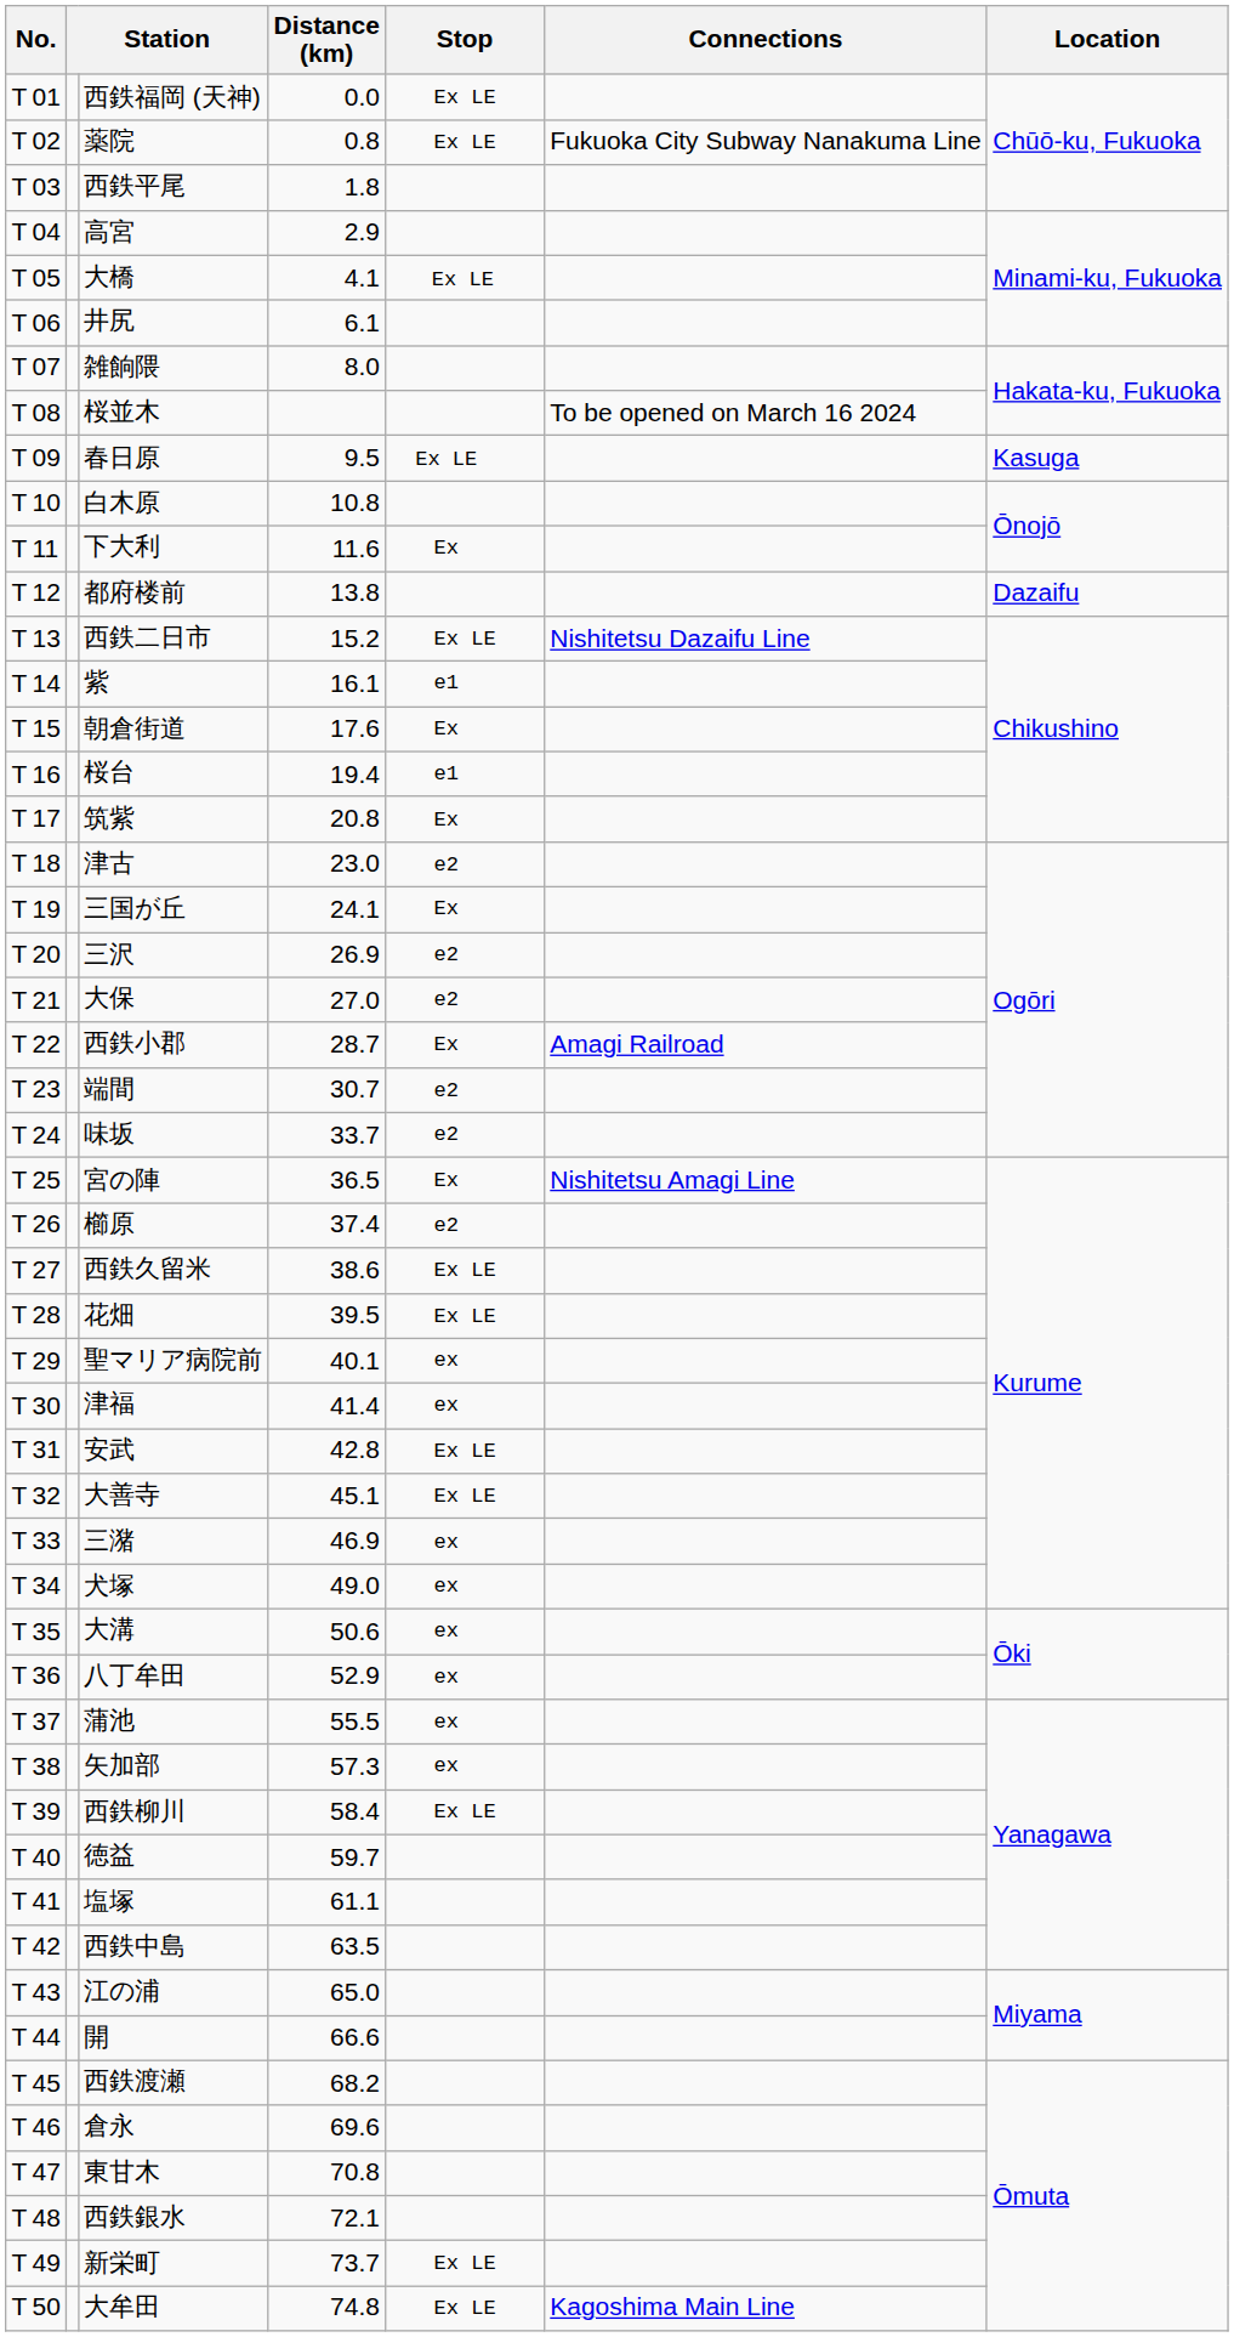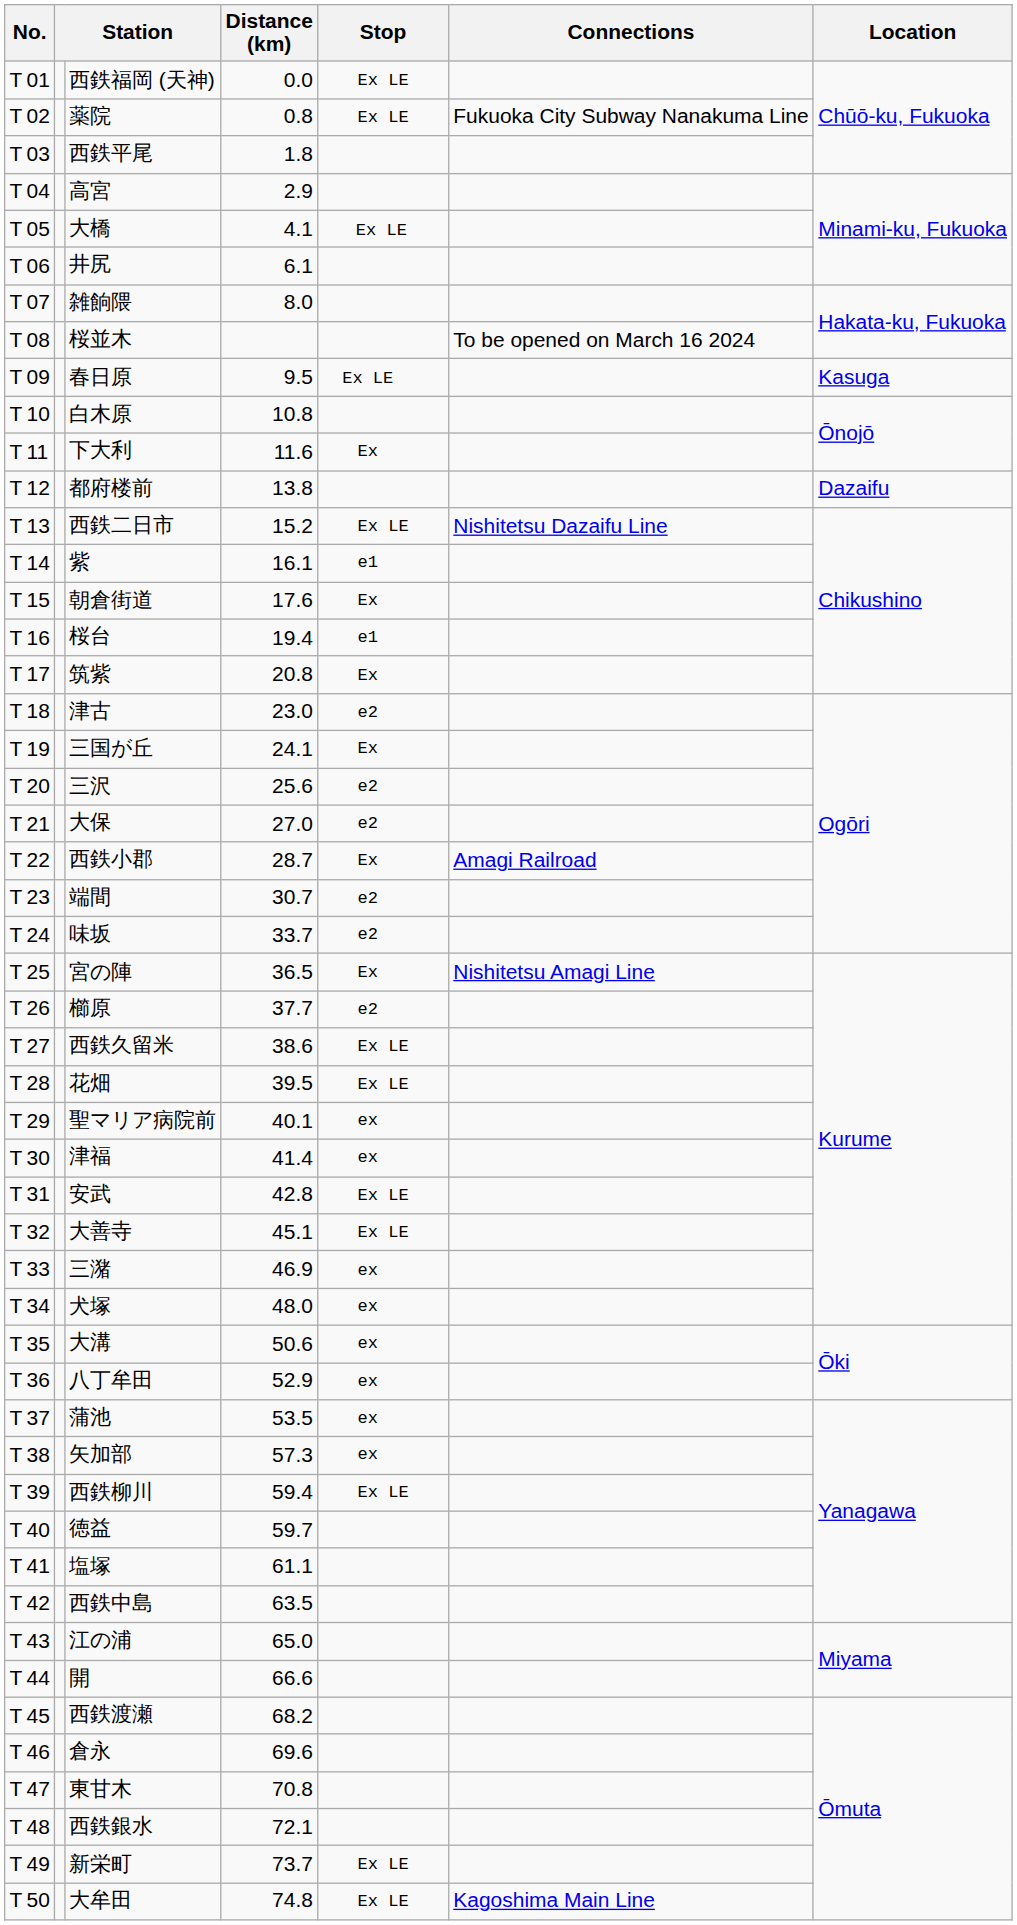 <table class="wikitable">
 <tr>
 <th>No.</th>
 <th colspan="2">Station</th>
 <th>Distance<br>(km)</th>
 <th>Stop</th>
 <th>Connections</th>
 <th>Location</th>
 </tr>
 <tr>
 <td><span>T <span>01</span></span></td>
 <td></td>
 <td>西鉄福岡 (天神)</td>
 <td style="text-align: right">0.0</td>
 <td style="text-align: center; font-family: monospace; white-space: nowrap;">Ex LE</td>
 <td></td>
 <td rowspan="3"><a href='#'>Chūō-ku, Fukuoka</a></td>
 </tr>
 <tr>
 <td><span>T <span>02</span></span></td>
 <td></td>
 <td>薬院</td>
 <td style="text-align: right">0.8</td>
 <td style="text-align: center; font-family: monospace; white-space: nowrap;">Ex LE</td>
 <td>Fukuoka City Subway Nanakuma Line</td>
 </tr>
 <tr>
 <td><span>T <span>03</span></span></td>
 <td></td>
 <td>西鉄平尾</td>
 <td style="text-align: right">1.8</td>
 <td> </td>
 <td> </td>
 </tr>
 <tr>
 <td><span>T <span>04</span></span></td>
 <td></td>
 <td>高宮</td>
 <td style="text-align: right">2.9</td>
 <td> </td>
 <td> </td>
 <td rowspan="3"><a href='#'>Minami-ku, Fukuoka</a></td>
 </tr>
 <tr>
 <td><span>T <span>05</span></span></td>
 <td></td>
 <td>大橋</td>
 <td style="text-align: right">4.1</td>
 <td style="text-align: center; font-family: monospace; white-space: nowrap;">　　Ex LE　  </td>
 <td> </td>
 </tr>
 <tr>
 <td><span>T <span>06</span></span></td>
 <td></td>
 <td>井尻</td>
 <td style="text-align: right">6.1</td>
 <td> </td>
 <td> </td>
 </tr>
 <tr>
 <td><span>T <span>07</span></span></td>
 <td></td>
 <td>雑餉隈</td>
 <td style="text-align: right">8.0</td>
 <td> </td>
 <td> </td>
 <td rowspan="2"><a href='#'>Hakata-ku, Fukuoka</a></td>
 </tr>
 <tr>
 <td><span>T <span>08</span></span></td>
 <td></td>
 <td>桜並木</td>
 <td style="text-align: right"></td>
 <td> </td>
 <td>To be opened on March 16 2024</td>
 </tr>
 <tr>
 <td><span>T <span>09</span></span></td>
 <td></td>
 <td>春日原</td>
 <td style="text-align: right">9.5</td>
 <td style="text-align: center; font-family: monospace; white-space: nowrap;">Ex LE   </td>
 <td> </td>
 <td><a href='#'>Kasuga</a></td>
 </tr>
 <tr>
 <td><span>T <span>10</span></span></td>
 <td></td>
 <td>白木原</td>
 <td style="text-align: right">10.8</td>
 <td> </td>
 <td> </td>
 <td rowspan="2"><a href='#'>Ōnojō</a></td>
 </tr>
 <tr>
 <td><span>T <span>11</span></span></td>
 <td></td>
 <td>下大利</td>
 <td style="text-align: right">11.6</td>
 <td style="text-align: center; font-family: monospace; white-space: nowrap;">Ex   </td>
 <td> </td>
 </tr>
 <tr>
 <td><span>T <span>12</span></span></td>
 <td></td>
 <td>都府楼前</td>
 <td style="text-align: right">13.8</td>
 <td> </td>
 <td> </td>
 <td><a href='#'>Dazaifu</a></td>
 </tr>
 <tr>
 <td><span>T <span>13</span></span></td>
 <td></td>
 <td>西鉄二日市</td>
 <td style="text-align: right">15.2</td>
 <td style="text-align: center; font-family: monospace; white-space: nowrap;">Ex LE</td>
 <td><a href='#'>Nishitetsu Dazaifu Line</a></td>
 <td rowspan="5"><a href='#'>Chikushino</a></td>
 </tr>
 <tr>
 <td><span>T <span>14</span></span></td>
 <td></td>
 <td>紫</td>
 <td style="text-align: right">16.1</td>
 <td style="text-align: center; font-family: monospace; white-space: nowrap;">e1   </td>
 <td> </td>
 </tr>
 <tr>
 <td><span>T <span>15</span></span></td>
 <td></td>
 <td>朝倉街道</td>
 <td style="text-align: right">17.6</td>
 <td style="text-align: center; font-family: monospace; white-space: nowrap;">Ex   </td>
 <td> </td>
 </tr>
 <tr>
 <td><span>T <span>16</span></span></td>
 <td></td>
 <td>桜台</td>
 <td style="text-align: right">19.4</td>
 <td style="text-align: center; font-family: monospace; white-space: nowrap;">e1   </td>
 <td> </td>
 </tr>
 <tr>
 <td><span>T <span>17</span></span></td>
 <td></td>
 <td>筑紫</td>
 <td style="text-align: right">20.8</td>
 <td style="text-align: center; font-family: monospace; white-space: nowrap;">Ex   </td>
 <td> </td>
 </tr>
 <tr>
 <td><span>T <span>18</span></span></td>
 <td></td>
 <td>津古</td>
 <td style="text-align: right">23.0</td>
 <td style="text-align: center; font-family: monospace; white-space: nowrap;">e2   </td>
 <td> </td>
 <td rowspan="7"><a href='#'>Ogōri</a></td>
 </tr>
 <tr>
 <td><span>T <span>19</span></span></td>
 <td></td>
 <td>三国が丘</td>
 <td style="text-align: right">24.1</td>
 <td style="text-align: center; font-family: monospace; white-space: nowrap;">Ex   </td>
 <td> </td>
 </tr>
 <tr>
 <td><span>T <span>20</span></span></td>
 <td></td>
 <td>三沢</td>
-<td style="text-align: right">26.9</td>
+<td style="text-align: right">25.6</td>
 <td style="text-align: center; font-family: monospace; white-space: nowrap;">e2   </td>
 <td> </td>
 </tr>
 <tr>
 <td><span>T <span>21</span></span></td>
 <td></td>
 <td>大保</td>
 <td style="text-align: right">27.0</td>
 <td style="text-align: center; font-family: monospace; white-space: nowrap;">e2   </td>
 <td> </td>
 </tr>
 <tr>
 <td><span>T <span>22</span></span></td>
 <td></td>
 <td>西鉄小郡</td>
 <td style="text-align: right">28.7</td>
 <td style="text-align: center; font-family: monospace; white-space: nowrap;">Ex   </td>
 <td><a href='#'>Amagi Railroad</a></td>
 </tr>
 <tr>
 <td><span>T <span>23</span></span></td>
 <td></td>
 <td>端間</td>
 <td style="text-align: right">30.7</td>
 <td style="text-align: center; font-family: monospace; white-space: nowrap;">e2   </td>
 <td> </td>
 </tr>
 <tr>
 <td><span>T <span>24</span></span></td>
 <td></td>
 <td>味坂</td>
 <td style="text-align: right">33.7</td>
 <td style="text-align: center; font-family: monospace; white-space: nowrap;">e2   </td>
 <td> </td>
 </tr>
 <tr>
 <td><span>T <span>25</span></span></td>
 <td></td>
 <td>宮の陣</td>
 <td style="text-align: right">36.5</td>
 <td style="text-align: center; font-family: monospace; white-space: nowrap;">Ex   </td>
 <td><a href='#'>Nishitetsu Amagi Line</a></td>
 <td rowspan="10"><a href='#'>Kurume</a></td>
 </tr>
 <tr>
 <td><span>T <span>26</span></span></td>
 <td></td>
 <td>櫛原</td>
-<td style="text-align: right">37.4</td>
+<td style="text-align: right">37.7</td>
 <td style="text-align: center; font-family: monospace; white-space: nowrap;">e2   </td>
 <td> </td>
 </tr>
 <tr>
 <td><span>T <span>27</span></span></td>
 <td></td>
 <td>西鉄久留米</td>
 <td style="text-align: right">38.6</td>
 <td style="text-align: center; font-family: monospace; white-space: nowrap;">Ex LE</td>
 <td> </td>
 </tr>
 <tr>
 <td><span>T <span>28</span></span></td>
 <td></td>
 <td>花畑</td>
 <td style="text-align: right">39.5</td>
 <td style="text-align: center; font-family: monospace; white-space: nowrap;">Ex LE</td>
 <td> </td>
 </tr>
 <tr>
 <td><span>T <span>29</span></span></td>
 <td></td>
 <td>聖マリア病院前</td>
 <td style="text-align: right">40.1</td>
 <td style="text-align: center; font-family: monospace; white-space: nowrap;">ex   </td>
 <td> </td>
 </tr>
 <tr>
 <td><span>T <span>30</span></span></td>
 <td></td>
 <td>津福</td>
 <td style="text-align: right">41.4</td>
 <td style="text-align: center; font-family: monospace; white-space: nowrap;">ex   </td>
 <td> </td>
 </tr>
 <tr>
 <td><span>T <span>31</span></span></td>
 <td></td>
 <td>安武</td>
 <td style="text-align: right">42.8</td>
 <td style="text-align: center; font-family: monospace; white-space: nowrap;">Ex LE</td>
 <td> </td>
 </tr>
 <tr>
 <td><span>T <span>32</span></span></td>
 <td></td>
 <td>大善寺</td>
 <td style="text-align: right">45.1</td>
 <td style="text-align: center; font-family: monospace; white-space: nowrap;">Ex LE</td>
 <td> </td>
 </tr>
 <tr>
 <td><span>T <span>33</span></span></td>
 <td></td>
 <td>三潴</td>
 <td style="text-align: right">46.9</td>
 <td style="text-align: center; font-family: monospace; white-space: nowrap;">ex   </td>
 <td> </td>
 </tr>
 <tr>
 <td><span>T <span>34</span></span></td>
 <td></td>
 <td>犬塚</td>
-<td style="text-align: right">49.0</td>
+<td style="text-align: right">48.0</td>
 <td style="text-align: center; font-family: monospace; white-space: nowrap;">ex   </td>
 <td> </td>
 </tr>
 <tr>
 <td><span>T <span>35</span></span></td>
 <td></td>
 <td>大溝</td>
 <td style="text-align: right">50.6</td>
 <td style="text-align: center; font-family: monospace; white-space: nowrap;">ex   </td>
 <td> </td>
 <td rowspan="2"><a href='#'>Ōki</a></td>
 </tr>
 <tr>
 <td><span>T <span>36</span></span></td>
 <td></td>
 <td>八丁牟田</td>
 <td style="text-align: right">52.9</td>
 <td style="text-align: center; font-family: monospace; white-space: nowrap;">ex   </td>
 <td> </td>
 </tr>
 <tr>
 <td><span>T <span>37</span></span></td>
 <td></td>
 <td>蒲池</td>
-<td style="text-align: right">55.5</td>
+<td style="text-align: right">53.5</td>
 <td style="text-align: center; font-family: monospace; white-space: nowrap;">ex   </td>
 <td> </td>
 <td rowspan="6"><a href='#'>Yanagawa</a></td>
 </tr>
 <tr>
 <td><span>T <span>38</span></span></td>
 <td></td>
 <td>矢加部</td>
 <td style="text-align: right">57.3</td>
 <td style="text-align: center; font-family: monospace; white-space: nowrap;">ex   </td>
 <td> </td>
 </tr>
 <tr>
 <td><span>T <span>39</span></span></td>
 <td></td>
 <td>西鉄柳川</td>
-<td style="text-align: right">58.4</td>
+<td style="text-align: right">59.4</td>
 <td style="text-align: center; font-family: monospace; white-space: nowrap;">Ex LE</td>
 <td> </td>
 </tr>
 <tr>
 <td><span>T <span>40</span></span></td>
 <td></td>
 <td>徳益</td>
 <td style="text-align: right">59.7</td>
 <td> </td>
 <td> </td>
 </tr>
 <tr>
 <td><span>T <span>41</span></span></td>
 <td></td>
 <td>塩塚</td>
 <td style="text-align: right">61.1</td>
 <td> </td>
 <td> </td>
 </tr>
 <tr>
 <td><span>T <span>42</span></span></td>
 <td></td>
 <td>西鉄中島</td>
 <td style="text-align: right">63.5</td>
 <td> </td>
 <td> </td>
 </tr>
 <tr>
 <td><span>T <span>43</span></span></td>
 <td></td>
 <td>江の浦</td>
 <td style="text-align: right">65.0</td>
 <td> </td>
 <td> </td>
 <td rowspan="2"><a href='#'>Miyama</a></td>
 </tr>
 <tr>
 <td><span>T <span>44</span></span></td>
 <td></td>
 <td>開</td>
 <td style="text-align: right">66.6</td>
 <td> </td>
 <td> </td>
 </tr>
 <tr>
 <td><span>T <span>45</span></span></td>
 <td></td>
 <td>西鉄渡瀬</td>
 <td style="text-align: right">68.2</td>
 <td> </td>
 <td> </td>
 <td rowspan="6"><a href='#'>Ōmuta</a></td>
 </tr>
 <tr>
 <td><span>T <span>46</span></span></td>
 <td></td>
 <td>倉永</td>
 <td style="text-align: right">69.6</td>
 <td> </td>
 <td> </td>
 </tr>
 <tr>
 <td><span>T <span>47</span></span></td>
 <td></td>
 <td>東甘木</td>
 <td style="text-align: right">70.8</td>
 <td> </td>
 <td> </td>
 </tr>
 <tr>
 <td><span>T <span>48</span></span></td>
 <td></td>
 <td>西鉄銀水</td>
 <td style="text-align: right">72.1</td>
 <td> </td>
 <td> </td>
 </tr>
 <tr>
 <td><span>T <span>49</span></span></td>
 <td></td>
 <td>新栄町</td>
 <td style="text-align: right">73.7</td>
 <td style="text-align: center; font-family: monospace; white-space: nowrap;">Ex LE</td>
 <td> </td>
 </tr>
 <tr>
 <td><span>T <span>50</span></span></td>
 <td></td>
 <td>大牟田</td>
 <td style="text-align: right">74.8</td>
 <td style="text-align: center; font-family: monospace; white-space: nowrap;">Ex LE</td>
 <td><a href='#'>Kagoshima Main Line</a></td>
 </tr>
 </table>
